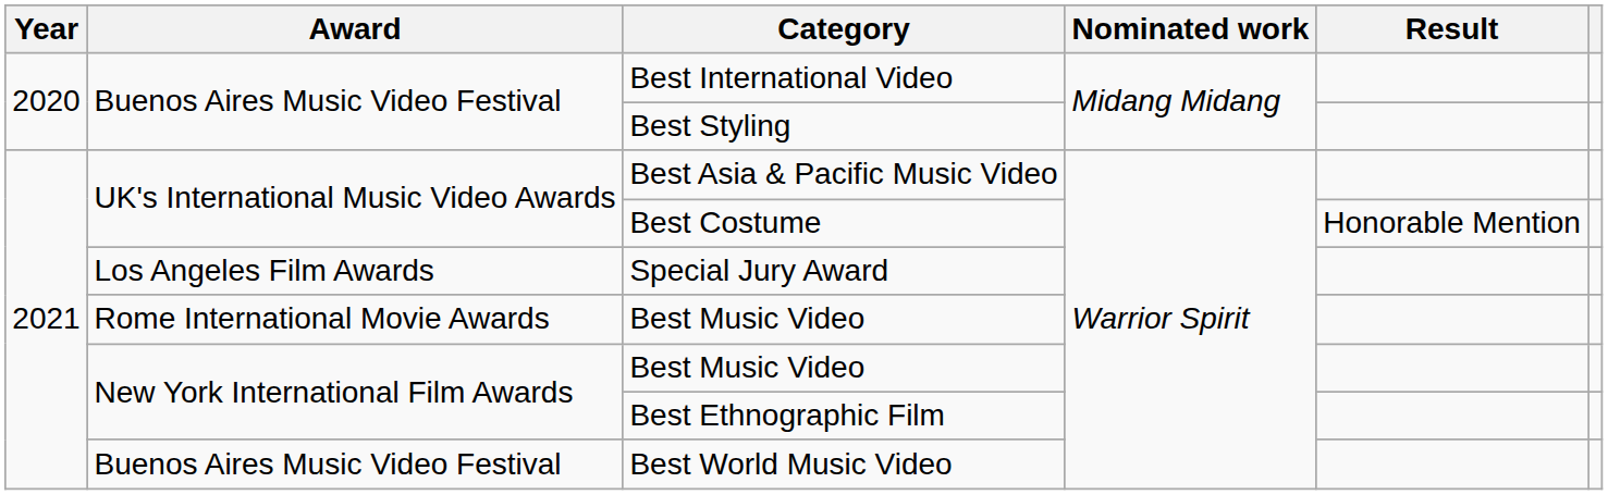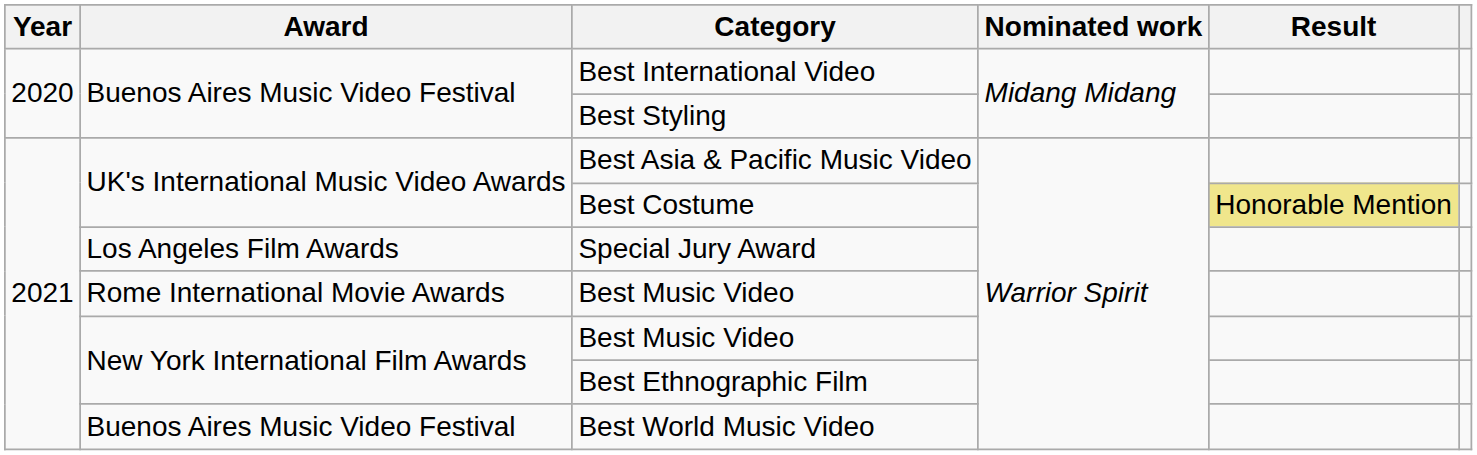 <table class=wikitable>
 <tr>
 <th>Year</th>
 <th>Award</th>
 <th>Category</th>
 <th>Nominated work</th>
 <th>Result</th>
 <th></th>
 </tr>
 <tr>
 <td rowspan=2>2020</td>
 <td rowspan=2>Buenos Aires Music Video Festival</td>
 <td>Best International Video</td>
 <td rowspan=2><em>Midang Midang</em></td>
 <td></td>
 <td></td>
 </tr>
 <tr>
 <td>Best Styling</td>
 <td></td>
 <td></td>
 </tr>
 <tr>
 <td rowspan=7>2021</td>
 <td rowspan=2>UK's International Music Video Awards</td>
 <td>Best Asia & Pacific Music Video</td>
 <td rowspan=7><em>Warrior Spirit</em></td>
 <td></td>
 <td></td>
 </tr>
 <tr>
 <td>Best Costume</td>
-<td>Honorable Mention</td>
+<td style="background: khaki;">Honorable Mention</td>
 <td></td>
 </tr>
 <tr>
 <td>Los Angeles Film Awards</td>
 <td>Special Jury Award</td>
 <td></td>
 <td></td>
 </tr>
 <tr>
 <td>Rome International Movie Awards</td>
 <td>Best Music Video</td>
 <td></td>
 <td></td>
 </tr>
 <tr>
 <td rowspan=2>New York International Film Awards</td>
 <td>Best Music Video</td>
 <td></td>
 <td></td>
 </tr>
 <tr>
 <td>Best Ethnographic Film</td>
 <td></td>
 <td></td>
 </tr>
 <tr>
 <td>Buenos Aires Music Video Festival</td>
 <td>Best World Music Video</td>
 <td></td>
 <td></td>
 </tr>
 </table>
